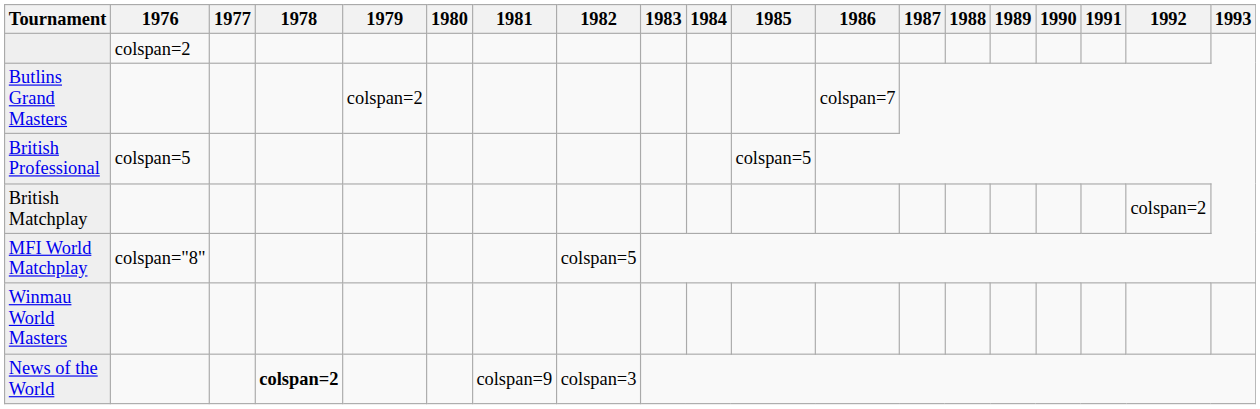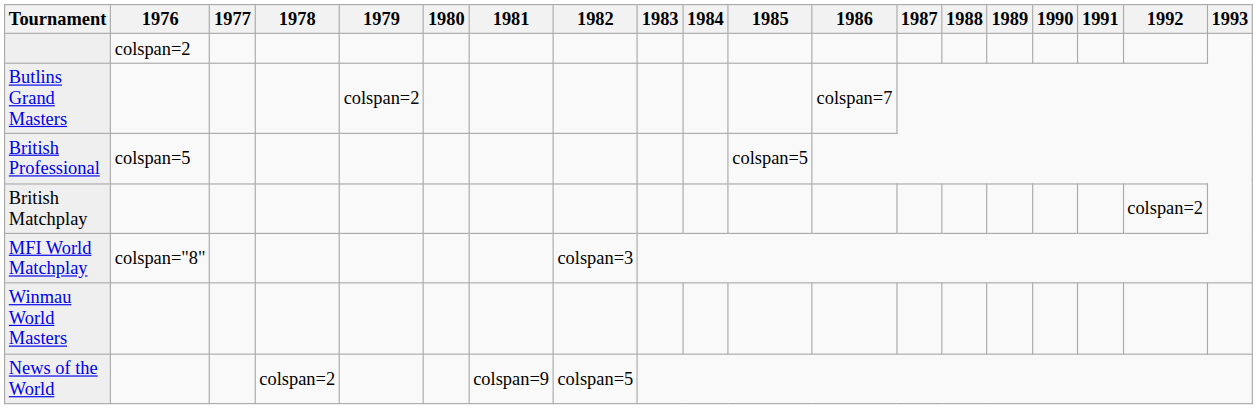 <table class="wikitable">
 <tr>
 <th>Tournament</th>
 <th>1976</th>
 <th>1977</th>
 <th>1978</th>
 <th>1979</th>
 <th>1980</th>
 <th>1981</th>
 <th>1982</th>
 <th>1983</th>
 <th>1984</th>
 <th>1985</th>
 <th>1986</th>
 <th>1987</th>
 <th>1988</th>
 <th>1989</th>
 <th>1990</th>
 <th>1991</th>
 <th>1992</th>
 <th>1993</th>
 </tr>
 <tr>
 <td style="background:#efefef;"></td>
 <td>colspan=2 </td>
 <td></td>
 <td></td>
 <td></td>
 <td></td>
 <td></td>
 <td></td>
 <td></td>
 <td></td>
 <td></td>
 <td></td>
 <td></td>
 <td></td>
 <td></td>
 <td></td>
 <td></td>
 <td></td>
 </tr>
 <tr>
 <td style="background:#efefef;"><a href='#'>Butlins Grand Masters</a></td>
 <td></td>
 <td></td>
 <td></td>
 <td>colspan=2 </td>
 <td></td>
 <td></td>
 <td></td>
 <td></td>
 <td></td>
 <td></td>
 <td>colspan=7 </td>
 </tr>
 <tr>
 <td style="background:#efefef;"><a href='#'>British Professional</a></td>
 <td>colspan=5 </td>
 <td></td>
 <td></td>
 <td></td>
 <td></td>
 <td></td>
 <td></td>
 <td></td>
 <td></td>
 <td>colspan=5 </td>
 </tr>
 <tr>
 <td style="background:#efefef;">British Matchplay</td>
 <td></td>
 <td></td>
 <td></td>
 <td></td>
 <td></td>
 <td></td>
 <td></td>
 <td></td>
 <td></td>
 <td></td>
 <td></td>
 <td></td>
 <td></td>
 <td></td>
 <td></td>
 <td></td>
 <td>colspan=2 </td>
 </tr>
 <tr>
 <td style="background:#efefef;"><a href='#'>MFI World Matchplay</a></td>
 <td>colspan="8" </td>
 <td></td>
 <td></td>
 <td></td>
 <td></td>
 <td></td>
-<td>colspan=5 </td>
+<td>colspan=3 </td>
 </tr>
 <tr>
 <td style="background:#efefef;"><a href='#'>Winmau World Masters</a></td>
 <td></td>
 <td></td>
 <td></td>
 <td></td>
 <td></td>
 <td></td>
 <td></td>
 <td></td>
 <td></td>
 <td></td>
 <td></td>
 <td></td>
 <td></td>
 <td></td>
 <td></td>
 <td></td>
 <td></td>
 <td></td>
 </tr>
 <tr>
 <td style="background:#efefef;"><a href='#'>News of the World</a></td>
 <td></td>
 <td></td>
-<td><strong>colspan=2 </strong></td>
+<td>colspan=2 </td>
 <td></td>
 <td></td>
 <td>colspan=9 </td>
-<td>colspan=3 </td>
+<td>colspan=5 </td>
 </tr>
 </table>
